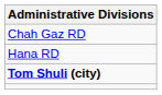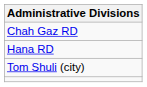 <table class="wikitable">
 <tr>
 <th>Administrative Divisions</th>
 </tr>
 <tr>
 <td><a href='#'>Chah Gaz RD</a></td>
 </tr>
 <tr>
 <td><a href='#'>Hana RD</a></td>
 </tr>
 <tr>
-<td><strong><a href='#'>Tom Shuli</a> (city)</strong></td>
+<td><a href='#'>Tom Shuli</a> (city)</td>
 </tr>
 <tr>
 <td colspan=1></td>
 </tr>
 </table>
